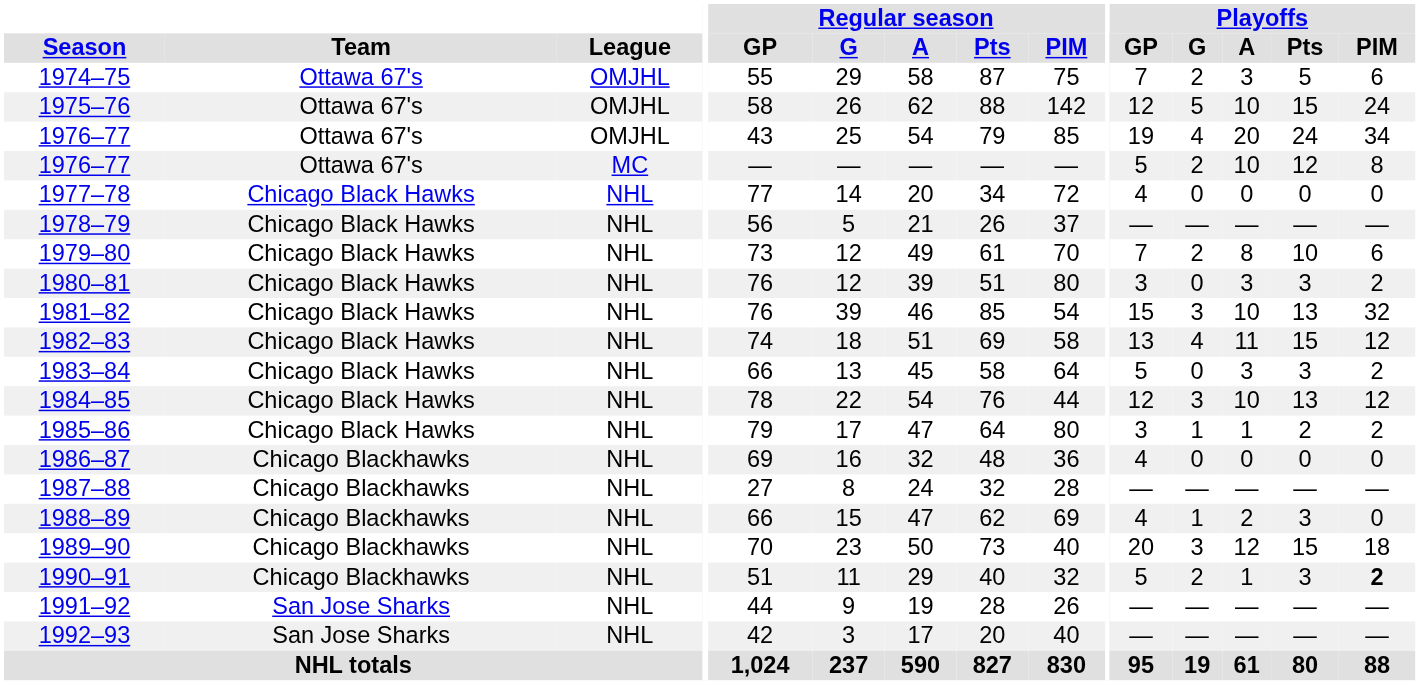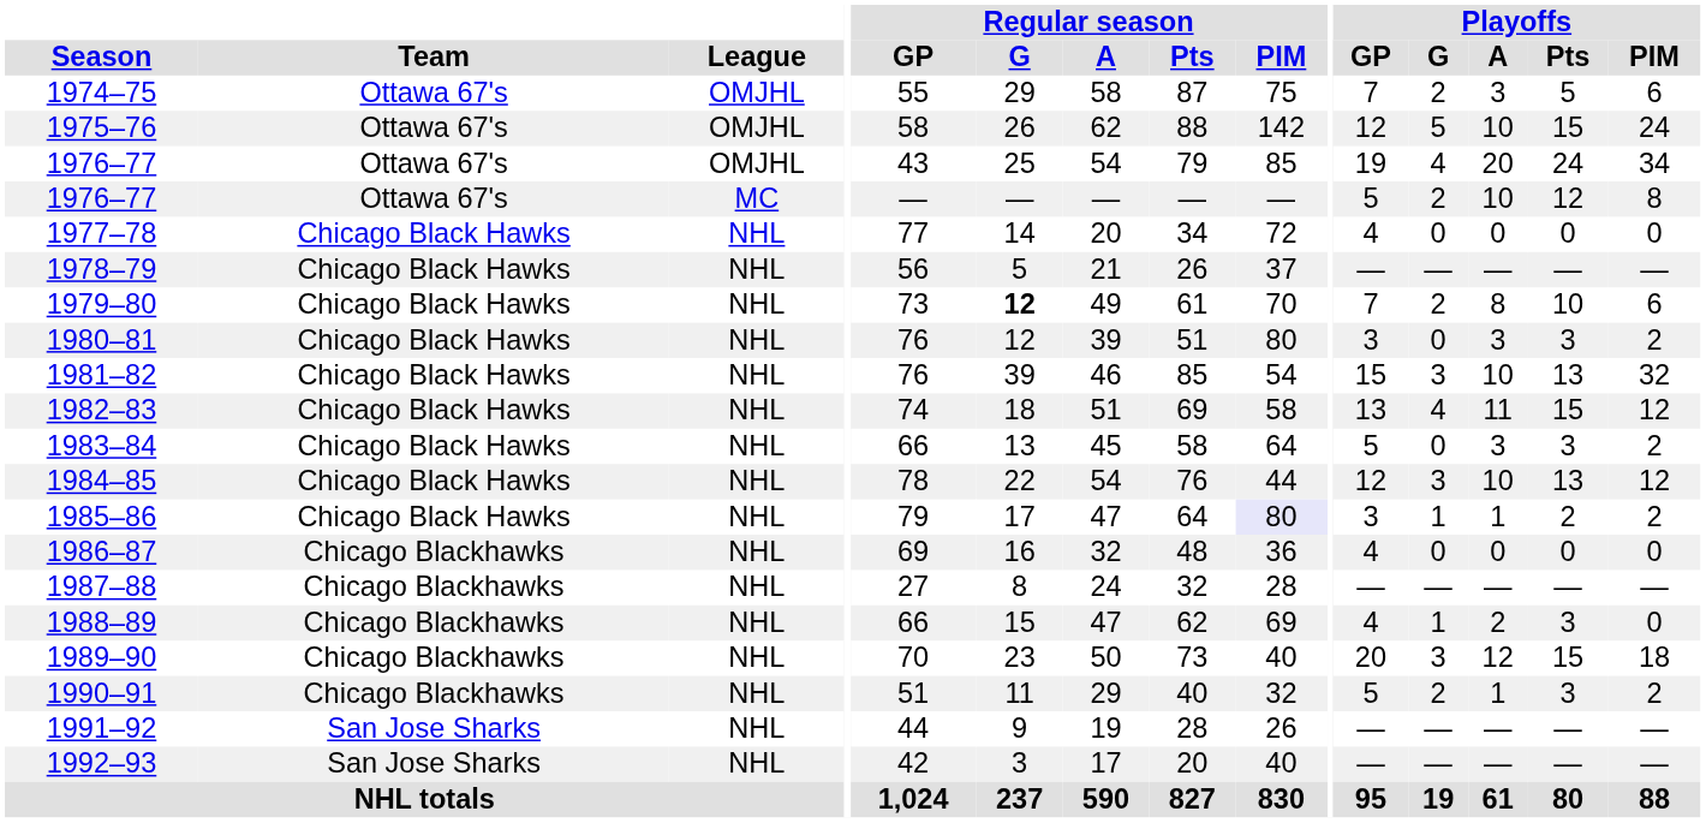 <table border="0" cellpadding="1" cellspacing="0" style="text-align:center; width:60em">
 <tr bgcolor="#e0e0e0">
 <th colspan="3"  bgcolor="#ffffff"></th>
 <th rowspan="99" bgcolor="#ffffff"></th>
 <th colspan="5"><a href='#'>Regular season</a></th>
 <th rowspan="99" bgcolor="#ffffff"></th>
 <th colspan="5"><a href='#'>Playoffs</a></th>
 </tr>
 <tr bgcolor="#e0e0e0">
 <th><a href='#'>Season</a></th>
 <th>Team</th>
 <th>League</th>
 <th>GP</th>
 <th><a href='#'>G</a></th>
 <th><a href='#'>A</a></th>
 <th><a href='#'>Pts</a></th>
 <th><a href='#'>PIM</a></th>
 <th>GP</th>
 <th>G</th>
 <th>A</th>
 <th>Pts</th>
 <th>PIM</th>
 </tr>
 <tr>
 <td><a href='#'>1974–75</a></td>
 <td><a href='#'>Ottawa 67's</a></td>
 <td><a href='#'>OMJHL</a></td>
 <td>55</td>
 <td>29</td>
 <td>58</td>
 <td>87</td>
 <td>75</td>
 <td>7</td>
 <td>2</td>
 <td>3</td>
 <td>5</td>
 <td>6</td>
 </tr>
 <tr style="background:#f0f0f0;">
 <td><a href='#'>1975–76</a></td>
 <td>Ottawa 67's</td>
 <td>OMJHL</td>
 <td>58</td>
 <td>26</td>
 <td>62</td>
 <td>88</td>
 <td>142</td>
 <td>12</td>
 <td>5</td>
 <td>10</td>
 <td>15</td>
 <td>24</td>
 </tr>
 <tr>
 <td><a href='#'>1976–77</a></td>
 <td>Ottawa 67's</td>
 <td>OMJHL</td>
 <td>43</td>
 <td>25</td>
 <td>54</td>
 <td>79</td>
 <td>85</td>
 <td>19</td>
 <td>4</td>
 <td>20</td>
 <td>24</td>
 <td>34</td>
 </tr>
 <tr style="background:#f0f0f0;">
 <td><a href='#'>1976–77</a></td>
 <td>Ottawa 67's</td>
 <td><a href='#'>MC</a></td>
 <td>—</td>
 <td>—</td>
 <td>—</td>
 <td>—</td>
 <td>—</td>
 <td>5</td>
 <td>2</td>
 <td>10</td>
 <td>12</td>
 <td>8</td>
 </tr>
 <tr>
 <td><a href='#'>1977–78</a></td>
 <td><a href='#'>Chicago Black Hawks</a></td>
 <td><a href='#'>NHL</a></td>
 <td>77</td>
 <td>14</td>
 <td>20</td>
 <td>34</td>
 <td>72</td>
 <td>4</td>
 <td>0</td>
 <td>0</td>
 <td>0</td>
 <td>0</td>
 </tr>
 <tr style="background:#f0f0f0;">
 <td><a href='#'>1978–79</a></td>
 <td>Chicago Black Hawks</td>
 <td>NHL</td>
 <td>56</td>
 <td>5</td>
 <td>21</td>
 <td>26</td>
 <td>37</td>
 <td>—</td>
 <td>—</td>
 <td>—</td>
 <td>—</td>
 <td>—</td>
 </tr>
 <tr>
 <td><a href='#'>1979–80</a></td>
 <td>Chicago Black Hawks</td>
 <td>NHL</td>
 <td>73</td>
-<td>12</td>
+<td><strong>12</strong></td>
 <td>49</td>
 <td>61</td>
 <td>70</td>
 <td>7</td>
 <td>2</td>
 <td>8</td>
 <td>10</td>
 <td>6</td>
 </tr>
 <tr style="background:#f0f0f0;">
 <td><a href='#'>1980–81</a></td>
 <td>Chicago Black Hawks</td>
 <td>NHL</td>
 <td>76</td>
 <td>12</td>
 <td>39</td>
 <td>51</td>
 <td>80</td>
 <td>3</td>
 <td>0</td>
 <td>3</td>
 <td>3</td>
 <td>2</td>
 </tr>
 <tr>
 <td><a href='#'>1981–82</a></td>
 <td>Chicago Black Hawks</td>
 <td>NHL</td>
 <td>76</td>
 <td>39</td>
 <td>46</td>
 <td>85</td>
 <td>54</td>
 <td>15</td>
 <td>3</td>
 <td>10</td>
 <td>13</td>
 <td>32</td>
 </tr>
 <tr style="background:#f0f0f0;">
 <td><a href='#'>1982–83</a></td>
 <td>Chicago Black Hawks</td>
 <td>NHL</td>
 <td>74</td>
 <td>18</td>
 <td>51</td>
 <td>69</td>
 <td>58</td>
 <td>13</td>
 <td>4</td>
 <td>11</td>
 <td>15</td>
 <td>12</td>
 </tr>
 <tr>
 <td><a href='#'>1983–84</a></td>
 <td>Chicago Black Hawks</td>
 <td>NHL</td>
 <td>66</td>
 <td>13</td>
 <td>45</td>
 <td>58</td>
 <td>64</td>
 <td>5</td>
 <td>0</td>
 <td>3</td>
 <td>3</td>
 <td>2</td>
 </tr>
 <tr style="background:#f0f0f0;">
 <td><a href='#'>1984–85</a></td>
 <td>Chicago Black Hawks</td>
 <td>NHL</td>
 <td>78</td>
 <td>22</td>
 <td>54</td>
 <td>76</td>
 <td>44</td>
 <td>12</td>
 <td>3</td>
 <td>10</td>
 <td>13</td>
 <td>12</td>
 </tr>
 <tr>
 <td><a href='#'>1985–86</a></td>
 <td>Chicago Black Hawks</td>
 <td>NHL</td>
 <td>79</td>
 <td>17</td>
 <td>47</td>
 <td>64</td>
-<td>80</td>
+<td style="background: lavender;">80</td>
 <td>3</td>
 <td>1</td>
 <td>1</td>
 <td>2</td>
 <td>2</td>
 </tr>
 <tr style="background:#f0f0f0;">
 <td><a href='#'>1986–87</a></td>
 <td>Chicago Blackhawks</td>
 <td>NHL</td>
 <td>69</td>
 <td>16</td>
 <td>32</td>
 <td>48</td>
 <td>36</td>
 <td>4</td>
 <td>0</td>
 <td>0</td>
 <td>0</td>
 <td>0</td>
 </tr>
 <tr>
 <td><a href='#'>1987–88</a></td>
 <td>Chicago Blackhawks</td>
 <td>NHL</td>
 <td>27</td>
 <td>8</td>
 <td>24</td>
 <td>32</td>
 <td>28</td>
 <td>—</td>
 <td>—</td>
 <td>—</td>
 <td>—</td>
 <td>—</td>
 </tr>
 <tr style="background:#f0f0f0;">
 <td><a href='#'>1988–89</a></td>
 <td>Chicago Blackhawks</td>
 <td>NHL</td>
 <td>66</td>
 <td>15</td>
 <td>47</td>
 <td>62</td>
 <td>69</td>
 <td>4</td>
 <td>1</td>
 <td>2</td>
 <td>3</td>
 <td>0</td>
 </tr>
 <tr>
 <td><a href='#'>1989–90</a></td>
 <td>Chicago Blackhawks</td>
 <td>NHL</td>
 <td>70</td>
 <td>23</td>
 <td>50</td>
 <td>73</td>
 <td>40</td>
 <td>20</td>
 <td>3</td>
 <td>12</td>
 <td>15</td>
 <td>18</td>
 </tr>
 <tr style="background:#f0f0f0;">
 <td><a href='#'>1990–91</a></td>
 <td>Chicago Blackhawks</td>
 <td>NHL</td>
 <td>51</td>
 <td>11</td>
 <td>29</td>
 <td>40</td>
 <td>32</td>
 <td>5</td>
 <td>2</td>
 <td>1</td>
 <td>3</td>
-<td><strong>2</strong></td>
+<td>2</td>
 </tr>
 <tr>
 <td><a href='#'>1991–92</a></td>
 <td><a href='#'>San Jose Sharks</a></td>
 <td>NHL</td>
 <td>44</td>
 <td>9</td>
 <td>19</td>
 <td>28</td>
 <td>26</td>
 <td>—</td>
 <td>—</td>
 <td>—</td>
 <td>—</td>
 <td>—</td>
 </tr>
 <tr style="background:#f0f0f0;">
 <td><a href='#'>1992–93</a></td>
 <td>San Jose Sharks</td>
 <td>NHL</td>
 <td>42</td>
 <td>3</td>
 <td>17</td>
 <td>20</td>
 <td>40</td>
 <td>—</td>
 <td>—</td>
 <td>—</td>
 <td>—</td>
 <td>—</td>
 </tr>
 <tr style="background:#e0e0e0;">
 <th colspan="3">NHL totals</th>
 <th>1,024</th>
 <th>237</th>
 <th>590</th>
 <th>827</th>
 <th>830</th>
 <th>95</th>
 <th>19</th>
 <th>61</th>
 <th>80</th>
 <th>88</th>
 </tr>
 </table>
